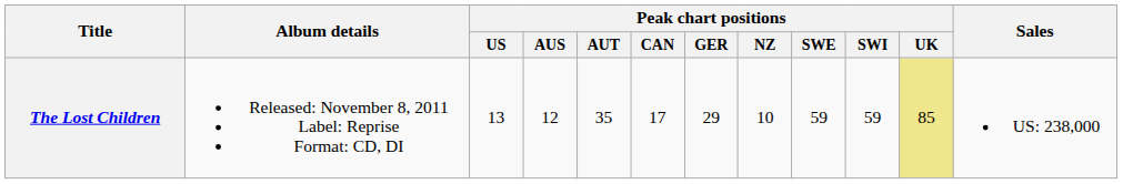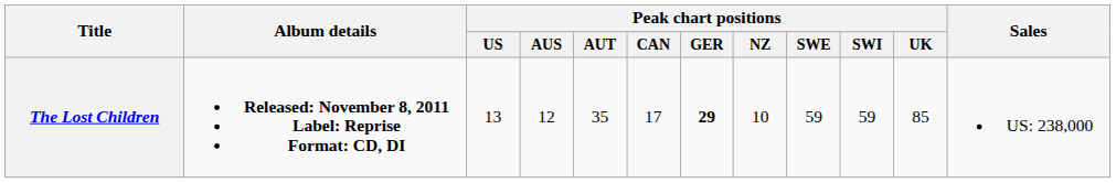 <table class="wikitable plainrowheaders" style="text-align:center;">
 <tr>
 <th scope="col" rowspan="2" style="width:10em;">Title</th>
 <th scope="col" rowspan="2" style="width:16em;">Album details</th>
 <th scope="col" colspan="9">Peak chart positions</th>
 <th scope="col" rowspan="2" style="width:9em;">Sales</th>
 </tr>
 <tr>
 <th scope="col" style="width:3em;font-size:90%;">US<br></th>
 <th scope="col" style="width:3em;font-size:90%;">AUS<br></th>
 <th scope="col" style="width:3em;font-size:90%;">AUT<br></th>
 <th scope="col" style="width:3em;font-size:90%;">CAN<br></th>
 <th scope="col" style="width:3em;font-size:90%;">GER<br></th>
 <th scope="col" style="width:3em;font-size:90%;">NZ<br></th>
 <th scope="col" style="width:3em;font-size:90%;">SWE<br></th>
 <th scope="col" style="width:3em;font-size:90%;">SWI<br></th>
 <th scope="col" style="width:3em;font-size:90%;">UK<br></th>
 </tr>
 <tr>
 <th scope="row"><em><a href='#'>The Lost Children</a></em></th>
-<td><br><ul><li>Released: November 8, 2011</li><li>Label: Reprise</li><li>Format: CD, DI</li></ul></td>
+<td><strong><br><ul><li>Released: November 8, 2011</li><li>Label: Reprise</li><li>Format: CD, DI</li></ul></strong></td>
 <td>13</td>
 <td>12</td>
 <td>35</td>
 <td>17</td>
-<td>29</td>
+<td><strong>29</strong></td>
 <td>10</td>
 <td>59</td>
 <td>59</td>
-<td style="background: khaki;">85</td>
+<td>85</td>
 <td><br><ul><li>US: 238,000</li></ul></td>
 </tr>
 </table>
